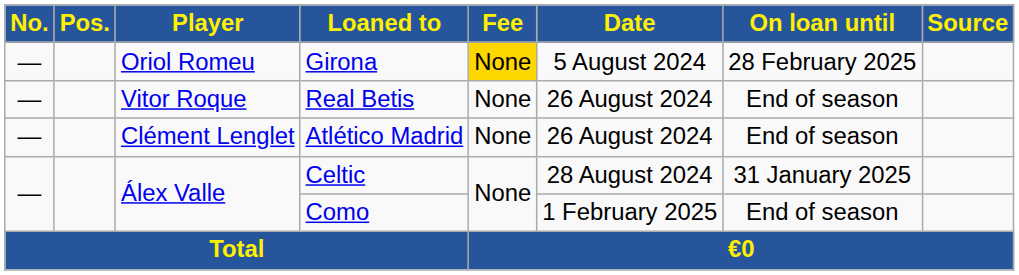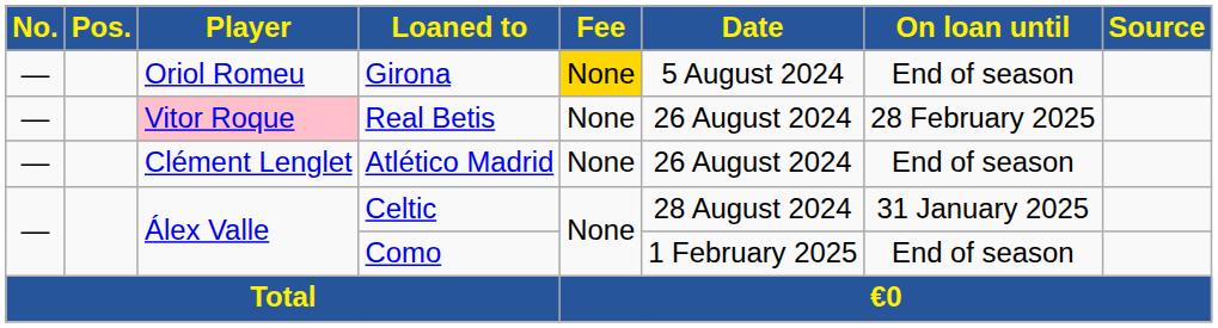 <table class="wikitable" style="text-align:center">
 <tr>
 <th style="background:#26559B;color:#FFF000;">No.</th>
 <th style="background:#26559B;color:#FFF000;">Pos.</th>
 <th style="background:#26559B;color:#FFF000;">Player</th>
 <th style="background:#26559B;color:#FFF000;">Loaned to</th>
 <th style="background:#26559B;color:#FFF000;">Fee</th>
 <th style="background:#26559B;color:#FFF000;">Date</th>
 <th style="background:#26559B;color:#FFF000;">On loan until</th>
 <th style="background:#26559B;color:#FFF000;">Source</th>
 </tr>
 <tr>
 <td>—</td>
 <td></td>
 <td style="text-align:left"> <a href='#'>Oriol Romeu</a></td>
 <td style="text-align:left"><a href='#'>Girona</a></td>
 <td style="background: gold;">None</td>
 <td>5 August 2024</td>
-<td>28 February 2025</td>
+<td>End of season</td>
 <td></td>
 </tr>
 <tr>
 <td>—</td>
 <td></td>
-<td style="text-align:left"> <a href='#'>Vitor Roque</a></td>
+<td style="background: pink; text-align:left"> <a href='#'>Vitor Roque</a></td>
 <td style="text-align:left"><a href='#'>Real Betis</a></td>
 <td>None</td>
 <td>26 August 2024</td>
-<td>End of season</td>
+<td>28 February 2025</td>
 <td></td>
 </tr>
 <tr>
 <td>—</td>
 <td></td>
 <td style="text-align:left"> <a href='#'>Clément Lenglet</a></td>
 <td style="text-align:left"><a href='#'>Atlético Madrid</a></td>
 <td>None</td>
 <td>26 August 2024</td>
 <td>End of season</td>
 <td></td>
 </tr>
 <tr>
 <td rowspan=2>—</td>
 <td rowspan=2></td>
 <td align=left rowspan=2> <a href='#'>Álex Valle</a></td>
 <td style="text-align:left"> <a href='#'>Celtic</a></td>
 <td rowspan=2>None</td>
 <td>28 August 2024</td>
 <td>31 January 2025</td>
 <td></td>
 </tr>
 <tr>
 <td style="text-align:left"> <a href='#'>Como</a></td>
 <td>1 February 2025</td>
 <td>End of season</td>
 <td></td>
 </tr>
 <tr>
 <th colspan="4" style="background:#26559B;color:#FFF000;">Total</th>
 <th colspan="4" style="background:#26559B;color:#FFF000;">€0</th>
 </tr>
 </table>
